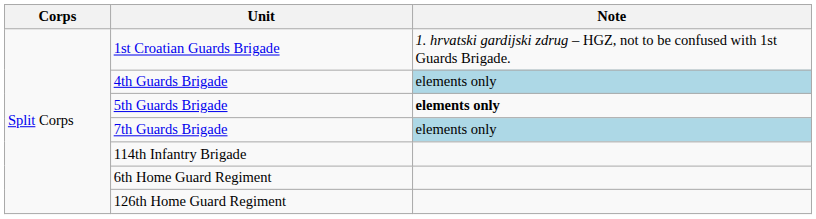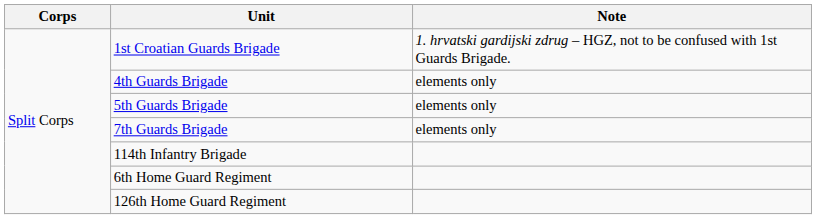 <table class="plainrowheaders wikitable collapsible" style="cellspacing=2px; text-align:left; font-size:90%;" width=800px>
 <tr style="font-size:100%; text-align:right;">
 <th style="width:100px;" scope="col">Corps</th>
 <th style="width:300px;" scope="col">Unit</th>
 <th style="width:400px;" scope="col">Note</th>
 </tr>
 <tr>
 <td rowspan=7><a href='#'>Split</a> Corps</td>
 <td><a href='#'>1st Croatian Guards Brigade</a></td>
 <td><em>1. hrvatski gardijski zdrug</em> – HGZ, not to be confused with 1st Guards Brigade.</td>
 </tr>
 <tr>
 <td><a href='#'>4th Guards Brigade</a></td>
-<td style="background: lightblue;">elements only</td>
+<td>elements only</td>
 </tr>
 <tr>
 <td><a href='#'>5th Guards Brigade</a></td>
-<td><strong>elements only</strong></td>
+<td>elements only</td>
 </tr>
 <tr>
 <td><a href='#'>7th Guards Brigade</a></td>
-<td style="background: lightblue;">elements only</td>
+<td>elements only</td>
 </tr>
 <tr>
 <td>114th Infantry Brigade</td>
 <td></td>
 </tr>
 <tr>
 <td>6th Home Guard Regiment</td>
 <td></td>
 </tr>
 <tr>
 <td>126th Home Guard Regiment</td>
 <td></td>
 </tr>
 </table>
